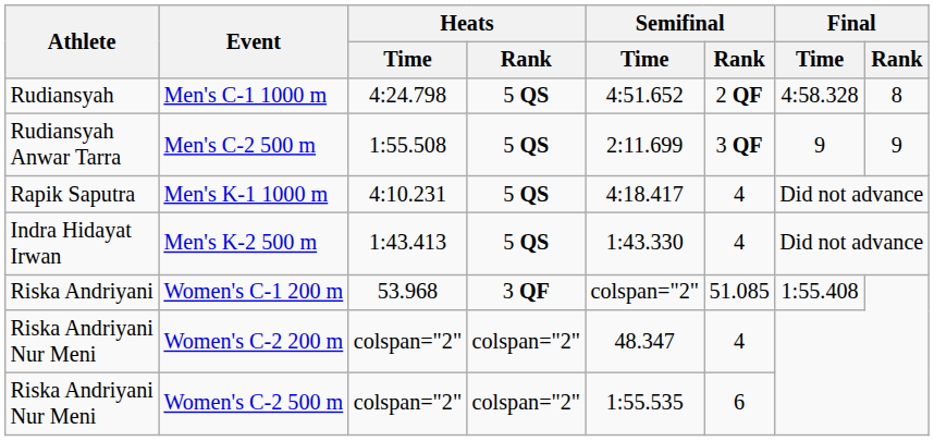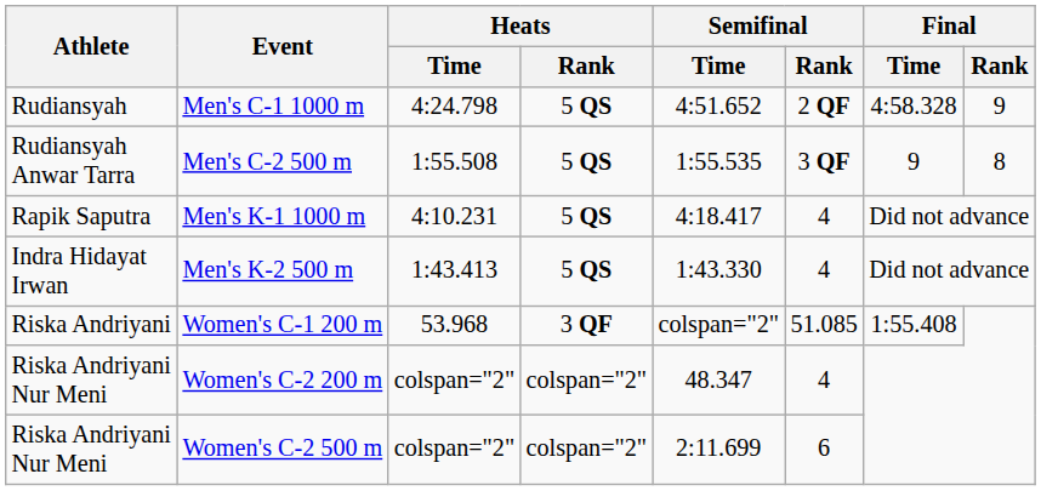 <table class=wikitable style="text-align:center; font-size:90%">
 <tr>
 <th rowspan="2">Athlete</th>
 <th rowspan="2">Event</th>
 <th colspan="2">Heats</th>
 <th colspan="2">Semifinal</th>
 <th colspan="2">Final</th>
 </tr>
 <tr>
 <th>Time</th>
 <th>Rank</th>
 <th>Time</th>
 <th>Rank</th>
 <th>Time</th>
 <th>Rank</th>
 </tr>
 <tr>
 <td align="left">Rudiansyah</td>
 <td align="left"><a href='#'>Men's C-1 1000 m</a></td>
 <td>4:24.798</td>
 <td>5 <strong>QS</strong></td>
 <td>4:51.652</td>
 <td>2 <strong>QF</strong></td>
 <td>4:58.328</td>
-<td>8</td>
+<td>9</td>
 </tr>
 <tr>
 <td align="left">Rudiansyah<br>Anwar Tarra</td>
 <td align="left"><a href='#'>Men's C-2 500 m</a></td>
 <td>1:55.508</td>
 <td>5 <strong>QS</strong></td>
-<td>2:11.699</td>
+<td>1:55.535</td>
 <td>3 <strong>QF</strong></td>
 <td>9</td>
-<td>9</td>
+<td>8</td>
 </tr>
 <tr>
 <td align="left">Rapik Saputra</td>
 <td align="left"><a href='#'>Men's K-1 1000 m</a></td>
 <td>4:10.231</td>
 <td>5 <strong>QS</strong></td>
 <td>4:18.417</td>
 <td>4</td>
 <td colspan="2">Did not advance</td>
 </tr>
 <tr>
 <td align="left">Indra Hidayat<br>Irwan</td>
 <td align="left"><a href='#'>Men's K-2 500 m</a></td>
 <td>1:43.413</td>
 <td>5 <strong>QS</strong></td>
 <td>1:43.330</td>
 <td>4</td>
 <td colspan="2">Did not advance</td>
 </tr>
 <tr>
 <td align="left">Riska Andriyani</td>
 <td align="left"><a href='#'>Women's C-1 200 m</a></td>
 <td>53.968</td>
 <td>3 <strong>QF</strong></td>
 <td>colspan="2"  </td>
 <td>51.085</td>
 <td>1:55.408</td>
 </tr>
 <tr>
 <td align="left">Riska Andriyani<br>Nur Meni</td>
 <td align="left"><a href='#'>Women's C-2 200 m</a></td>
 <td>colspan="2"  </td>
 <td>colspan="2"  </td>
 <td>48.347</td>
 <td>4</td>
 </tr>
 <tr>
 <td align="left">Riska Andriyani<br>Nur Meni</td>
 <td align="left"><a href='#'>Women's C-2 500 m</a></td>
 <td>colspan="2"  </td>
 <td>colspan="2"  </td>
-<td>1:55.535</td>
+<td>2:11.699</td>
 <td>6</td>
 </tr>
 </table>
